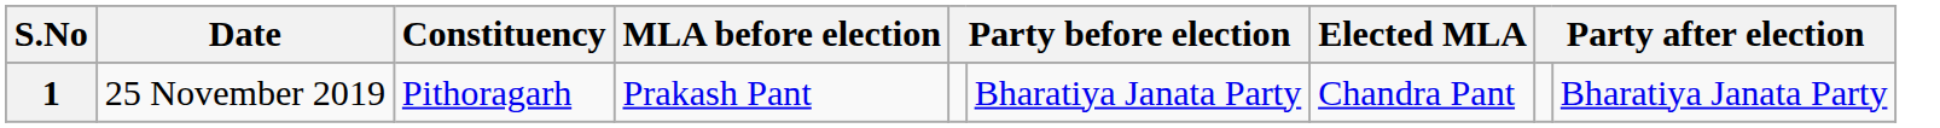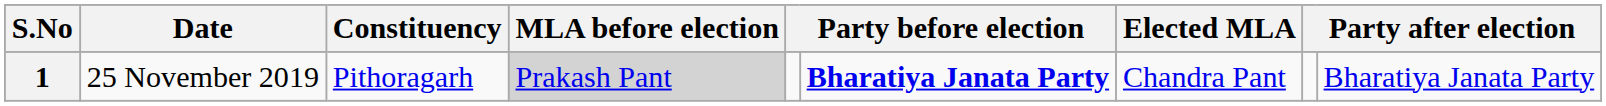 <table class="wikitable sortable">
 <tr>
 <th>S.No</th>
 <th>Date</th>
 <th>Constituency</th>
 <th>MLA before election</th>
 <th colspan="2">Party before election</th>
 <th>Elected MLA</th>
 <th colspan="2">Party after election</th>
 </tr>
 <tr>
 <th>1</th>
 <td>25 November 2019</td>
 <td><a href='#'>Pithoragarh</a></td>
-<td><a href='#'>Prakash Pant</a></td>
+<td style="background: lightgrey;"><a href='#'>Prakash Pant</a></td>
 <td></td>
-<td><a href='#'>Bharatiya Janata Party</a></td>
+<td><strong><a href='#'>Bharatiya Janata Party</a></strong></td>
 <td><a href='#'>Chandra Pant</a></td>
 <td></td>
 <td><a href='#'>Bharatiya Janata Party</a></td>
 </tr>
 </table>
